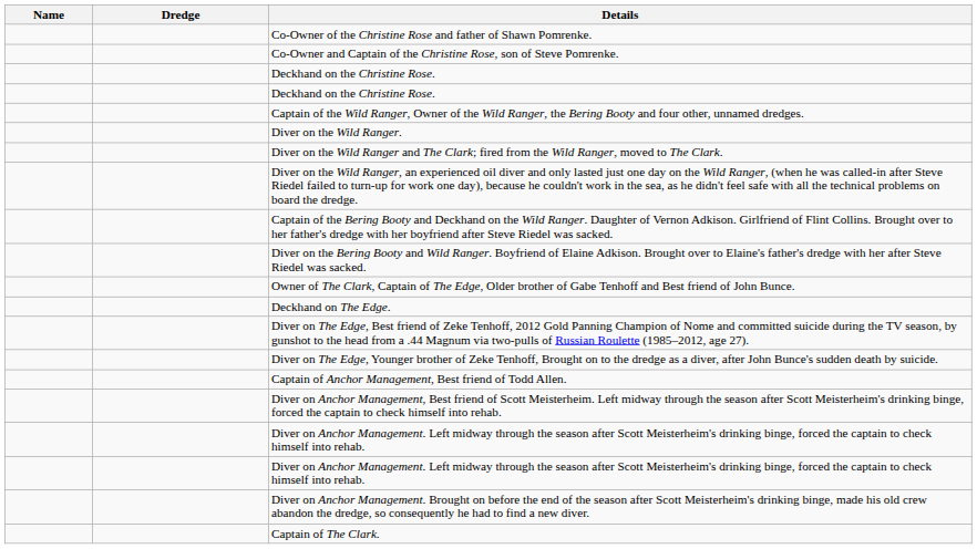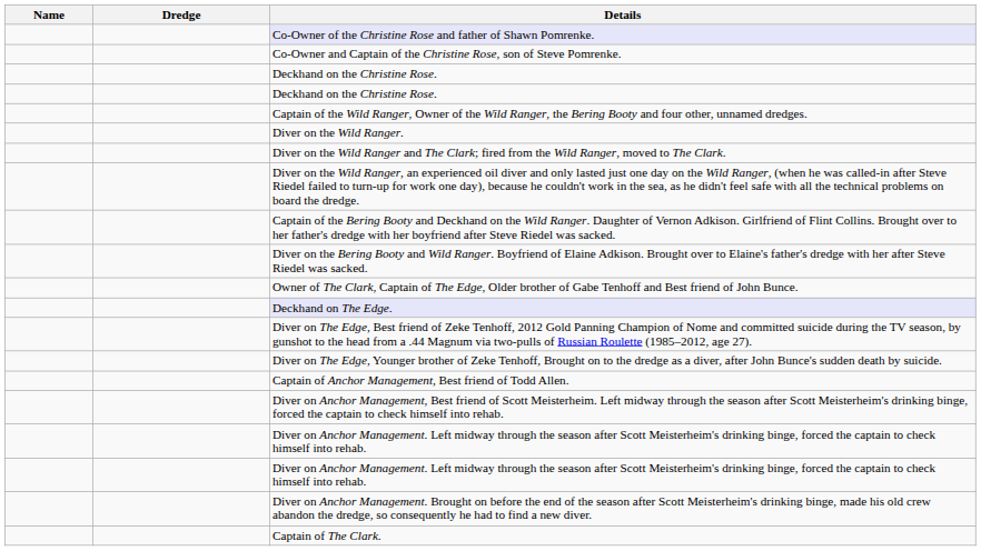 <table class=wikitable>
 <tr>
 <th style="width:5%;">Name</th>
 <th style="width:10%;">Dredge</th>
 <th colspan="12" style="width:40%;">Details</th>
 </tr>
 <tr>
 <td></td>
 <td></td>
-<td>Co-Owner of the <em>Christine Rose</em> and father of Shawn Pomrenke.</td>
+<td style="background: lavender;">Co-Owner of the <em>Christine Rose</em> and father of Shawn Pomrenke.</td>
 </tr>
 <tr>
 <td></td>
 <td></td>
 <td>Co-Owner and Captain of the <em>Christine Rose</em>, son of Steve Pomrenke.</td>
 </tr>
 <tr>
 <td></td>
 <td></td>
 <td>Deckhand on the <em>Christine Rose</em>.</td>
 </tr>
 <tr>
 <td></td>
 <td></td>
 <td>Deckhand on the <em>Christine Rose</em>.</td>
 </tr>
 <tr>
 <td></td>
 <td></td>
 <td>Captain of the <em>Wild Ranger</em>, Owner of the <em>Wild Ranger</em>, the <em>Bering Booty</em> and four other, unnamed dredges.</td>
 </tr>
 <tr>
 <td></td>
 <td></td>
 <td>Diver on the <em>Wild Ranger</em>.</td>
 </tr>
 <tr>
 <td></td>
 <td></td>
 <td>Diver on the <em>Wild Ranger</em> and <em>The Clark</em>; fired from the <em>Wild Ranger</em>, moved to <em>The Clark</em>.</td>
 </tr>
 <tr>
 <td></td>
 <td></td>
 <td>Diver on the <em>Wild Ranger</em>, an experienced oil diver and only lasted just one day on the <em>Wild Ranger</em>, (when he was called-in after Steve Riedel failed to turn-up for work one day), because he couldn't work in the sea, as he didn't feel safe with all the technical problems on board the dredge.</td>
 </tr>
 <tr>
 <td></td>
 <td></td>
 <td>Captain of the <em>Bering Booty</em> and Deckhand on the <em>Wild Ranger</em>. Daughter of Vernon Adkison. Girlfriend of Flint Collins. Brought over to her father's dredge with her boyfriend after Steve Riedel was sacked.</td>
 </tr>
 <tr>
 <td></td>
 <td></td>
 <td>Diver on the <em>Bering Booty</em> and <em>Wild Ranger</em>. Boyfriend of Elaine Adkison. Brought over to Elaine's father's dredge with her after Steve Riedel was sacked.</td>
 </tr>
 <tr>
 <td></td>
 <td></td>
 <td>Owner of <em>The Clark</em>, Captain of <em>The Edge</em>, Older brother of Gabe Tenhoff and Best friend of John Bunce.</td>
 </tr>
 <tr>
 <td></td>
 <td></td>
-<td>Deckhand on <em>The Edge</em>.</td>
+<td style="background: lavender;">Deckhand on <em>The Edge</em>.</td>
 </tr>
 <tr>
 <td></td>
 <td></td>
 <td>Diver on <em>The Edge</em>, Best friend of Zeke Tenhoff, 2012 Gold Panning Champion of Nome and committed suicide during the TV season, by gunshot to the head from a .44 Magnum via two-pulls of <a href='#'>Russian Roulette</a> (1985–2012, age 27).</td>
 </tr>
 <tr>
 <td></td>
 <td></td>
 <td>Diver on <em>The Edge</em>, Younger brother of Zeke Tenhoff, Brought on to the dredge as a diver, after John Bunce's sudden death by suicide.</td>
 </tr>
 <tr>
 <td></td>
 <td></td>
 <td>Captain of <em>Anchor Management</em>, Best friend of Todd Allen.</td>
 </tr>
 <tr>
 <td></td>
 <td></td>
 <td>Diver on <em>Anchor Management</em>, Best friend of Scott Meisterheim. Left midway through the season after Scott Meisterheim's drinking binge, forced the captain to check himself into rehab.</td>
 </tr>
 <tr>
 <td></td>
 <td></td>
 <td>Diver on <em>Anchor Management</em>. Left midway through the season after Scott Meisterheim's drinking binge, forced the captain to check himself into rehab.</td>
 </tr>
 <tr>
 <td></td>
 <td></td>
 <td>Diver on <em>Anchor Management</em>. Left midway through the season after Scott Meisterheim's drinking binge, forced the captain to check himself into rehab.</td>
 </tr>
 <tr>
 <td></td>
 <td></td>
 <td>Diver on <em>Anchor Management</em>. Brought on before the end of the season after Scott Meisterheim's drinking binge, made his old crew abandon the dredge, so consequently he had to find a new diver.</td>
 </tr>
 <tr>
 <td></td>
 <td></td>
 <td>Captain of <em>The Clark</em>.</td>
 </tr>
 </table>
